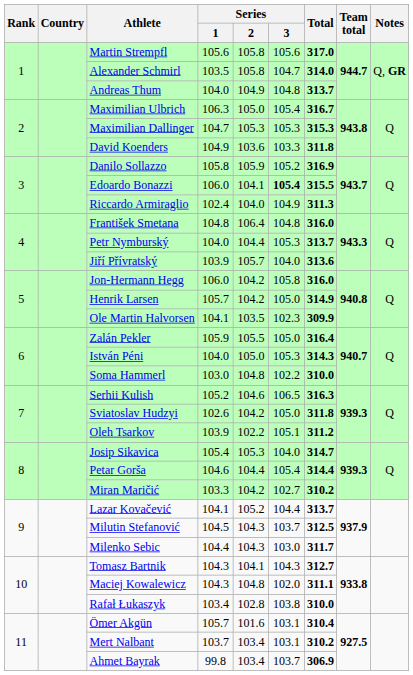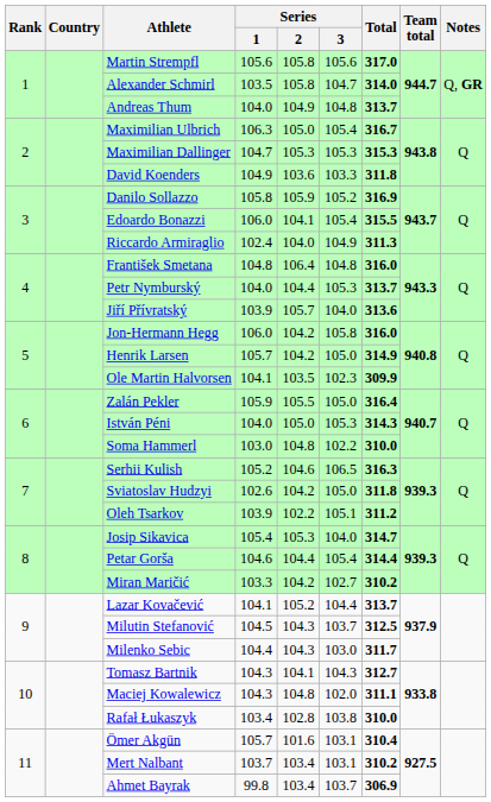 <table class="wikitable sortable" style="text-align:center">
 <tr>
 <th rowspan=2>Rank</th>
 <th rowspan=2>Country</th>
 <th rowspan=2>Athlete</th>
 <th colspan=3>Series</th>
 <th rowspan=2>Total</th>
 <th rowspan=2>Team<br>total</th>
 <th rowspan=2>Notes</th>
 </tr>
 <tr>
 <th width="40px">1</th>
 <th width="40px">2</th>
 <th width="40px">3</th>
 </tr>
 <tr bgcolor="bbffbb">
 <td rowspan=3>1</td>
 <td rowspan=3 align=left></td>
 <td align=left><a href='#'>Martin Strempfl</a></td>
 <td>105.6</td>
 <td>105.8</td>
 <td>105.6</td>
 <td><strong>317.0</strong></td>
 <td rowspan=3><strong>944.7</strong></td>
 <td rowspan=3>Q, <strong>GR</strong></td>
 </tr>
 <tr bgcolor=bbffbb>
 <td align=left><a href='#'>Alexander Schmirl</a></td>
 <td>103.5</td>
 <td>105.8</td>
 <td>104.7</td>
 <td><strong>314.0</strong></td>
 </tr>
 <tr bgcolor="bbffbb">
 <td align=left><a href='#'>Andreas Thum</a></td>
 <td>104.0</td>
 <td>104.9</td>
 <td>104.8</td>
 <td><strong>313.7</strong></td>
 </tr>
 <tr bgcolor=bbffbb>
 <td rowspan=3>2</td>
 <td rowspan=3 align=left></td>
 <td align=left><a href='#'>Maximilian Ulbrich</a></td>
 <td>106.3</td>
 <td>105.0</td>
 <td>105.4</td>
 <td><strong>316.7</strong></td>
 <td rowspan=3><strong>943.8</strong></td>
 <td rowspan=3>Q</td>
 </tr>
 <tr bgcolor=bbffbb>
 <td align=left><a href='#'>Maximilian Dallinger</a></td>
 <td>104.7</td>
 <td>105.3</td>
 <td>105.3</td>
 <td><strong>315.3</strong></td>
 </tr>
 <tr bgcolor=bbffbb>
 <td align=left><a href='#'>David Koenders</a></td>
 <td>104.9</td>
 <td>103.6</td>
 <td>103.3</td>
 <td><strong>311.8</strong></td>
 </tr>
 <tr bgcolor=bbffbb>
 <td rowspan=3>3</td>
 <td rowspan=3 align=left></td>
 <td align=left><a href='#'>Danilo Sollazzo</a></td>
 <td>105.8</td>
 <td>105.9</td>
 <td>105.2</td>
 <td><strong>316.9</strong></td>
 <td rowspan=3><strong>943.7</strong></td>
 <td rowspan=3>Q</td>
 </tr>
 <tr bgcolor=bbffbb>
 <td align=left><a href='#'>Edoardo Bonazzi</a></td>
 <td>106.0</td>
 <td>104.1</td>
-<td><strong>105.4</strong></td>
+<td>105.4</td>
 <td><strong>315.5</strong></td>
 </tr>
 <tr bgcolor=bbffbb>
 <td align=left><a href='#'>Riccardo Armiraglio</a></td>
 <td>102.4</td>
 <td>104.0</td>
 <td>104.9</td>
 <td><strong>311.3</strong></td>
 </tr>
 <tr bgcolor=bbffbb>
 <td rowspan=3>4</td>
 <td rowspan=3 align=left></td>
 <td align=left><a href='#'>František Smetana</a></td>
 <td>104.8</td>
 <td>106.4</td>
 <td>104.8</td>
 <td><strong>316.0</strong></td>
 <td rowspan=3><strong>943.3</strong></td>
 <td rowspan=3>Q</td>
 </tr>
 <tr bgcolor=bbffbb>
 <td align=left><a href='#'>Petr Nymburský</a></td>
 <td>104.0</td>
 <td>104.4</td>
 <td>105.3</td>
 <td><strong>313.7</strong></td>
 </tr>
 <tr bgcolor=bbffbb>
 <td align=left><a href='#'>Jiří Přívratský</a></td>
 <td>103.9</td>
 <td>105.7</td>
 <td>104.0</td>
 <td><strong>313.6</strong></td>
 </tr>
 <tr bgcolor=bbffbb>
 <td rowspan=3>5</td>
 <td rowspan=3 align=left></td>
 <td align=left><a href='#'>Jon-Hermann Hegg</a></td>
 <td>106.0</td>
 <td>104.2</td>
 <td>105.8</td>
 <td><strong>316.0</strong></td>
 <td rowspan=3><strong>940.8</strong></td>
 <td rowspan=3>Q</td>
 </tr>
 <tr bgcolor=bbffbb>
 <td align=left><a href='#'>Henrik Larsen</a></td>
 <td>105.7</td>
 <td>104.2</td>
 <td>105.0</td>
 <td><strong>314.9</strong></td>
 </tr>
 <tr bgcolor=bbffbb>
 <td align=left><a href='#'>Ole Martin Halvorsen</a></td>
 <td>104.1</td>
 <td>103.5</td>
 <td>102.3</td>
 <td><strong>309.9</strong></td>
 </tr>
 <tr bgcolor=bbffbb>
 <td rowspan=3>6</td>
 <td rowspan=3 align=left></td>
 <td align=left><a href='#'>Zalán Pekler</a></td>
 <td>105.9</td>
 <td>105.5</td>
 <td>105.0</td>
 <td><strong>316.4</strong></td>
 <td rowspan=3><strong>940.7</strong></td>
 <td rowspan=3>Q</td>
 </tr>
 <tr bgcolor=bbffbb>
 <td align=left><a href='#'>István Péni</a></td>
 <td>104.0</td>
 <td>105.0</td>
 <td>105.3</td>
 <td><strong>314.3</strong></td>
 </tr>
 <tr bgcolor=bbffbb>
 <td align=left><a href='#'>Soma Hammerl</a></td>
 <td>103.0</td>
 <td>104.8</td>
 <td>102.2</td>
 <td><strong>310.0</strong></td>
 </tr>
 <tr bgcolor=bbffbb>
 <td rowspan=3>7</td>
 <td rowspan=3 align=left></td>
 <td align=left><a href='#'>Serhii Kulish</a></td>
 <td>105.2</td>
 <td>104.6</td>
 <td>106.5</td>
 <td><strong>316.3</strong></td>
 <td rowspan=3><strong>939.3</strong></td>
 <td rowspan=3>Q</td>
 </tr>
 <tr bgcolor=bbffbb>
 <td align=left><a href='#'>Sviatoslav Hudzyi</a></td>
 <td>102.6</td>
 <td>104.2</td>
 <td>105.0</td>
 <td><strong>311.8</strong></td>
 </tr>
 <tr bgcolor=bbffbb>
 <td align=left><a href='#'>Oleh Tsarkov</a></td>
 <td>103.9</td>
 <td>102.2</td>
 <td>105.1</td>
 <td><strong>311.2</strong></td>
 </tr>
 <tr bgcolor=bbffbb>
 <td rowspan=3>8</td>
 <td rowspan=3 align=left></td>
 <td align=left><a href='#'>Josip Sikavica</a></td>
 <td>105.4</td>
 <td>105.3</td>
 <td>104.0</td>
 <td><strong>314.7</strong></td>
 <td rowspan=3><strong>939.3</strong></td>
 <td rowspan=3>Q</td>
 </tr>
 <tr bgcolor=bbffbb>
 <td align=left><a href='#'>Petar Gorša</a></td>
 <td>104.6</td>
 <td>104.4</td>
 <td>105.4</td>
 <td><strong>314.4</strong></td>
 </tr>
 <tr bgcolor=bbffbb>
 <td align=left><a href='#'>Miran Maričić</a></td>
 <td>103.3</td>
 <td>104.2</td>
 <td>102.7</td>
 <td><strong>310.2</strong></td>
 </tr>
 <tr>
 <td rowspan=3>9</td>
 <td rowspan=3 align=left></td>
 <td align=left><a href='#'>Lazar Kovačević</a></td>
 <td>104.1</td>
 <td>105.2</td>
 <td>104.4</td>
 <td><strong>313.7</strong></td>
 <td rowspan=3><strong>937.9</strong></td>
 <td rowspan=3></td>
 </tr>
 <tr>
 <td align=left><a href='#'>Milutin Stefanović</a></td>
 <td>104.5</td>
 <td>104.3</td>
 <td>103.7</td>
 <td><strong>312.5</strong></td>
 </tr>
 <tr>
 <td align=left><a href='#'>Milenko Sebic</a></td>
 <td>104.4</td>
 <td>104.3</td>
 <td>103.0</td>
 <td><strong>311.7</strong></td>
 </tr>
 <tr>
 <td rowspan=3>10</td>
 <td rowspan=3 align=left></td>
 <td align=left><a href='#'>Tomasz Bartnik</a></td>
 <td>104.3</td>
 <td>104.1</td>
 <td>104.3</td>
 <td><strong>312.7</strong></td>
 <td rowspan=3><strong>933.8</strong></td>
 <td rowspan=3></td>
 </tr>
 <tr>
 <td align=left><a href='#'>Maciej Kowalewicz</a></td>
 <td>104.3</td>
 <td>104.8</td>
 <td>102.0</td>
 <td><strong>311.1</strong></td>
 </tr>
 <tr>
 <td align=left><a href='#'>Rafał Łukaszyk</a></td>
 <td>103.4</td>
 <td>102.8</td>
 <td>103.8</td>
 <td><strong>310.0</strong></td>
 </tr>
 <tr>
 <td rowspan=3>11</td>
 <td rowspan=3 align=left></td>
 <td align=left><a href='#'>Ömer Akgün</a></td>
 <td>105.7</td>
 <td>101.6</td>
 <td>103.1</td>
 <td><strong>310.4</strong></td>
 <td rowspan=3><strong>927.5</strong></td>
 <td rowspan=3></td>
 </tr>
 <tr>
 <td align=left><a href='#'>Mert Nalbant</a></td>
 <td>103.7</td>
 <td>103.4</td>
 <td>103.1</td>
 <td><strong>310.2</strong></td>
 </tr>
 <tr>
 <td align=left><a href='#'>Ahmet Bayrak</a></td>
 <td>99.8</td>
 <td>103.4</td>
 <td>103.7</td>
 <td><strong>306.9</strong></td>
 </tr>
 </table>
